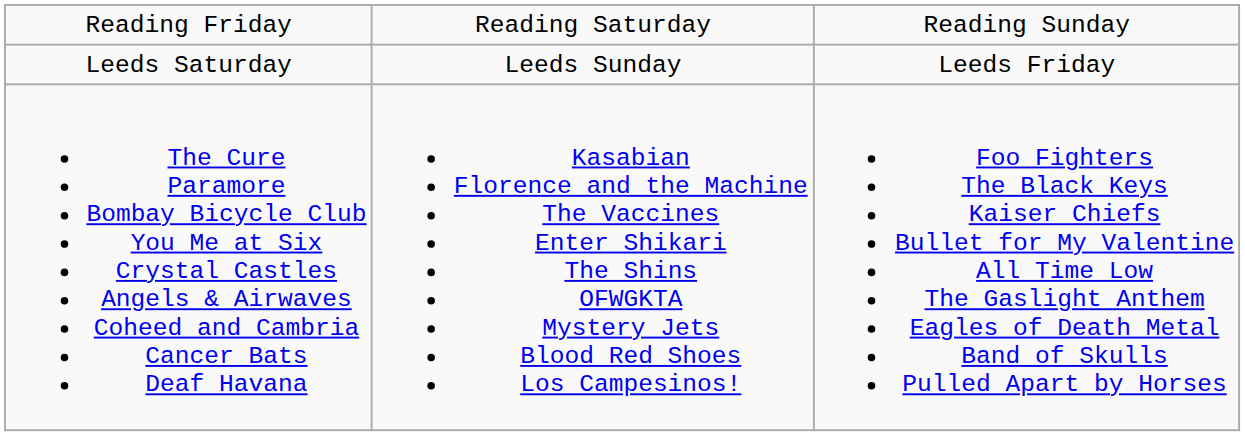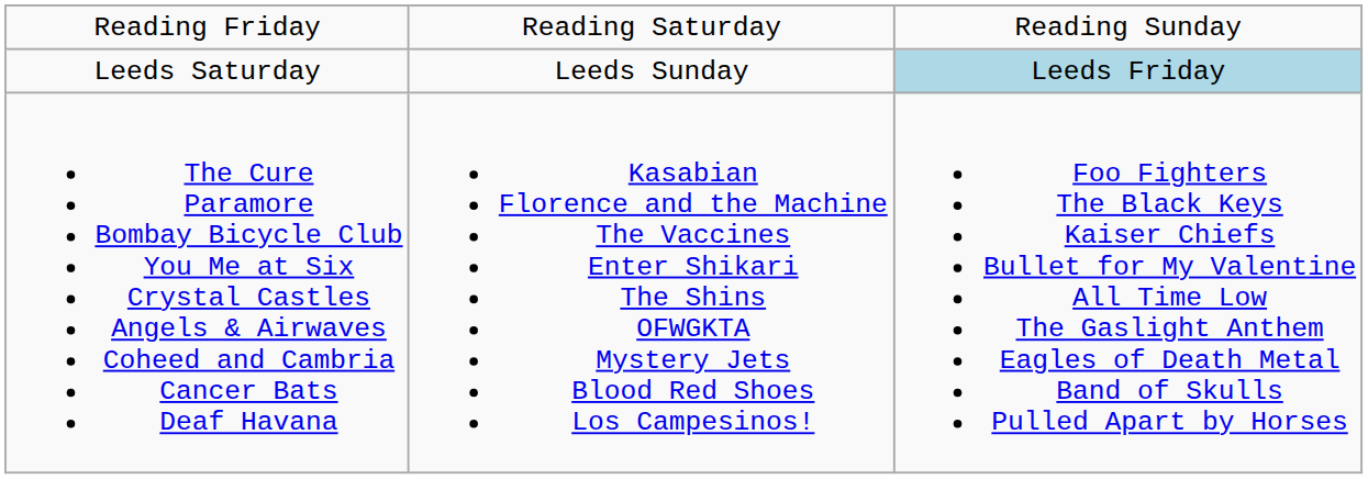 <table class="wikitable plainrowheaders" style="text-align:center;">
 <tr>
 <td>Reading Friday</td>
 <td>Reading Saturday</td>
 <td>Reading Sunday</td>
 </tr>
 <tr>
 <td>Leeds Saturday</td>
 <td>Leeds Sunday</td>
-<td>Leeds Friday</td>
+<td style="background: lightblue;">Leeds Friday</td>
 </tr>
 <tr>
 <td><br><ul><li><a href='#'>The Cure</a></li><li><a href='#'>Paramore</a></li><li><a href='#'>Bombay Bicycle Club</a></li><li><a href='#'>You Me at Six</a></li><li><a href='#'>Crystal Castles</a></li><li><a href='#'>Angels & Airwaves</a></li><li><a href='#'>Coheed and Cambria</a></li><li><a href='#'>Cancer Bats</a></li><li><a href='#'>Deaf Havana</a></li></ul></td>
 <td><br><ul><li><a href='#'>Kasabian</a></li><li><a href='#'>Florence and the Machine</a></li><li><a href='#'>The Vaccines</a></li><li><a href='#'>Enter Shikari</a></li><li><a href='#'>The Shins</a></li><li><a href='#'>OFWGKTA</a></li><li><a href='#'>Mystery Jets</a></li><li><a href='#'>Blood Red Shoes</a></li><li><a href='#'>Los Campesinos!</a></li></ul></td>
 <td><br><ul><li><a href='#'>Foo Fighters</a></li><li><a href='#'>The Black Keys</a></li><li><a href='#'>Kaiser Chiefs</a></li><li><a href='#'>Bullet for My Valentine</a></li><li><a href='#'>All Time Low</a></li><li><a href='#'>The Gaslight Anthem</a></li><li><a href='#'>Eagles of Death Metal</a></li><li><a href='#'>Band of Skulls</a></li><li><a href='#'>Pulled Apart by Horses</a></li></ul></td>
 </tr>
 </table>
